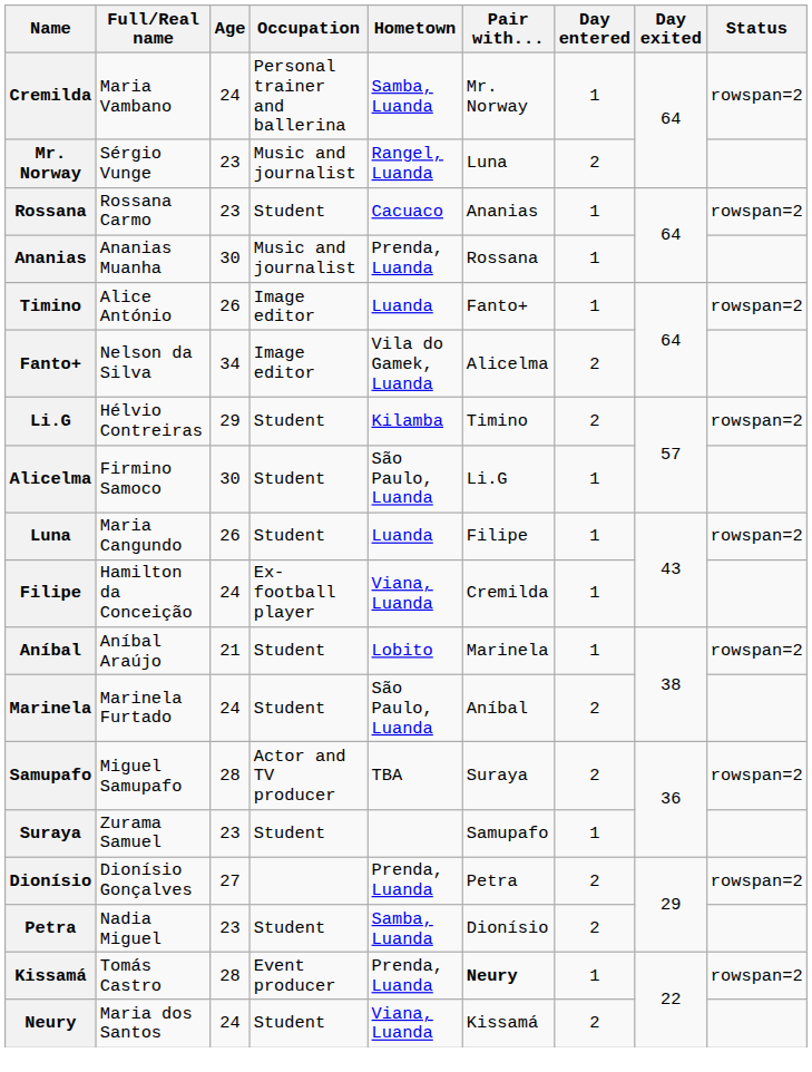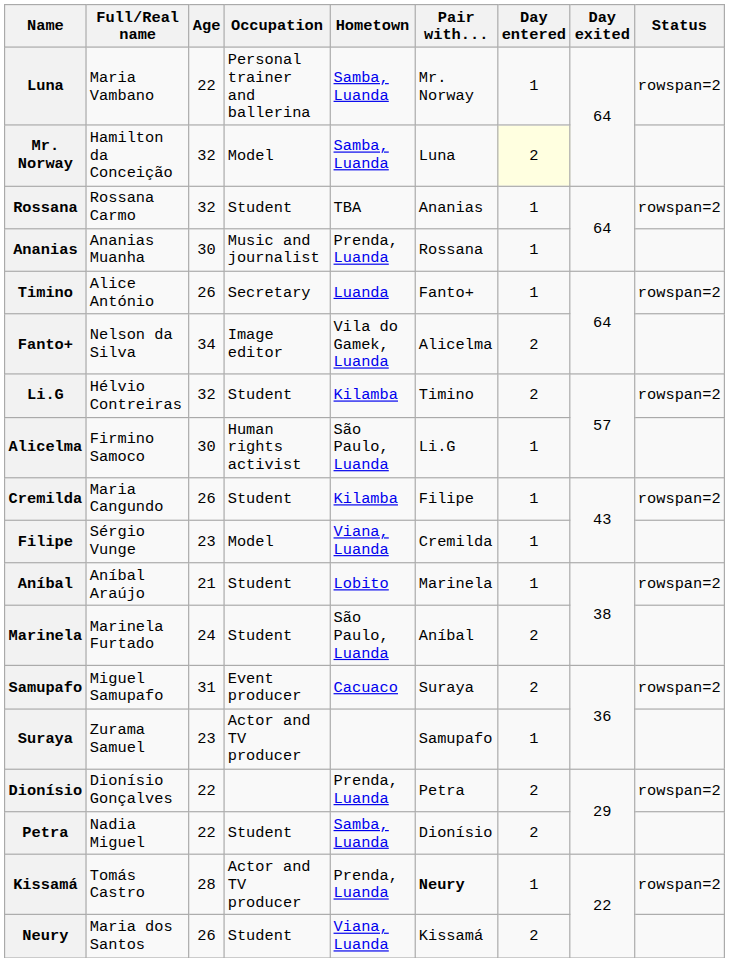 <table class="wikitable sortable">
 <tr>
 <th>Name</th>
 <th>Full/Real name</th>
 <th>Age</th>
 <th>Occupation</th>
 <th>Hometown</th>
 <th>Pair with...</th>
 <th>Day entered</th>
 <th>Day exited</th>
 <th>Status</th>
 </tr>
 <tr>
-<th>Cremilda</th>
+<th>Luna</th>
 <td>Maria Vambano</td>
-<td align=center>24</td>
+<td align=center>22</td>
 <td>Personal trainer and ballerina</td>
 <td><a href='#'>Samba, Luanda</a></td>
 <td>Mr. Norway</td>
 <td align=center>1</td>
 <td rowspan="2" align=center>64</td>
 <td>rowspan=2 </td>
 </tr>
 <tr>
 <th>Mr. Norway</th>
-<td>Sérgio Vunge</td>
-<td align=center>23</td>
-<td>Music and journalist</td>
-<td><a href='#'>Rangel, Luanda</a></td>
+<td>Hamilton da Conceição</td>
+<td align=center>32</td>
+<td>Model</td>
+<td><a href='#'>Samba, Luanda</a></td>
 <td>Luna</td>
-<td align=center>2</td>
+<td align=center style="background: lightyellow;">2</td>
 </tr>
 <tr>
 <th>Rossana</th>
 <td>Rossana Carmo</td>
-<td align=center>23</td>
+<td align=center>32</td>
 <td>Student</td>
-<td><a href='#'>Cacuaco</a></td>
+<td>TBA</td>
 <td>Ananias</td>
 <td align=center>1</td>
 <td rowspan="2" align=center>64</td>
 <td>rowspan=2 </td>
 </tr>
 <tr>
 <th>Ananias</th>
 <td>Ananias Muanha</td>
 <td align=center>30</td>
 <td>Music and journalist</td>
 <td>Prenda, <a href='#'>Luanda</a></td>
 <td>Rossana</td>
 <td align=center>1</td>
 </tr>
 <tr>
 <th>Timino</th>
 <td>Alice António</td>
 <td align=center>26</td>
-<td>Image editor</td>
+<td>Secretary</td>
 <td><a href='#'>Luanda</a></td>
 <td>Fanto+</td>
 <td align=center>1</td>
 <td rowspan="2" align=center>64</td>
 <td>rowspan=2 </td>
 </tr>
 <tr>
 <th>Fanto+</th>
 <td>Nelson da Silva</td>
 <td align=center>34</td>
 <td>Image editor</td>
 <td>Vila do Gamek, <a href='#'>Luanda</a></td>
 <td>Alicelma</td>
 <td align=center>2</td>
 </tr>
 <tr>
 <th>Li.G</th>
 <td>Hélvio Contreiras</td>
-<td align=center>29</td>
+<td align=center>32</td>
 <td>Student</td>
 <td><a href='#'>Kilamba</a></td>
 <td>Timino</td>
 <td align=center>2</td>
 <td rowspan="2" align=center>57</td>
 <td>rowspan=2 </td>
 </tr>
 <tr>
 <th>Alicelma</th>
 <td>Firmino Samoco</td>
 <td align=center>30</td>
-<td>Student</td>
+<td>Human rights activist</td>
 <td>São Paulo, <a href='#'>Luanda</a></td>
 <td>Li.G</td>
 <td align=center>1</td>
 </tr>
 <tr>
-<th>Luna</th>
+<th>Cremilda</th>
 <td>Maria Cangundo</td>
 <td align=center>26</td>
 <td>Student</td>
-<td><a href='#'>Luanda</a></td>
+<td><a href='#'>Kilamba</a></td>
 <td>Filipe</td>
 <td align=center>1</td>
 <td rowspan="2" align=center>43</td>
 <td>rowspan=2 </td>
 </tr>
 <tr>
 <th>Filipe</th>
-<td>Hamilton da Conceição</td>
-<td align=center>24</td>
-<td>Ex-football player</td>
+<td>Sérgio Vunge</td>
+<td align=center>23</td>
+<td>Model</td>
 <td><a href='#'>Viana, Luanda</a></td>
 <td>Cremilda</td>
 <td align=center>1</td>
 </tr>
 <tr>
 <th>Aníbal</th>
 <td>Aníbal Araújo</td>
 <td align=center>21</td>
 <td>Student</td>
 <td><a href='#'>Lobito</a></td>
 <td>Marinela</td>
 <td align=center>1</td>
 <td rowspan="2" align=center>38</td>
 <td>rowspan=2 </td>
 </tr>
 <tr>
 <th>Marinela</th>
 <td>Marinela Furtado</td>
 <td align=center>24</td>
 <td>Student</td>
 <td>São Paulo, <a href='#'>Luanda</a></td>
 <td>Aníbal</td>
 <td align=center>2</td>
 </tr>
 <tr>
 <th>Samupafo</th>
 <td>Miguel Samupafo</td>
-<td align=center>28</td>
-<td>Actor and TV producer</td>
-<td>TBA</td>
+<td align=center>31</td>
+<td>Event producer</td>
+<td><a href='#'>Cacuaco</a></td>
 <td>Suraya</td>
 <td align=center>2</td>
 <td rowspan="2" align=center>36</td>
 <td>rowspan=2 </td>
 </tr>
 <tr>
 <th>Suraya</th>
 <td>Zurama Samuel</td>
 <td align=center>23</td>
-<td>Student</td>
+<td>Actor and TV producer</td>
 <td></td>
 <td>Samupafo</td>
 <td align=center>1</td>
 </tr>
 <tr>
 <th>Dionísio</th>
 <td>Dionísio Gonçalves</td>
-<td align=center>27</td>
+<td align=center>22</td>
 <td></td>
 <td>Prenda, <a href='#'>Luanda</a></td>
 <td>Petra</td>
 <td align=center>2</td>
 <td rowspan="2" align=center>29</td>
 <td>rowspan=2 </td>
 </tr>
 <tr>
 <th>Petra</th>
 <td>Nadia Miguel</td>
-<td align=center>23</td>
+<td align=center>22</td>
 <td>Student</td>
 <td><a href='#'>Samba, Luanda</a></td>
 <td>Dionísio</td>
 <td align=center>2</td>
 </tr>
 <tr>
 <th>Kissamá</th>
 <td>Tomás Castro</td>
 <td align=center>28</td>
-<td>Event producer</td>
+<td>Actor and TV producer</td>
 <td>Prenda, <a href='#'>Luanda</a></td>
 <td><strong>Neury</strong></td>
 <td align=center>1</td>
 <td rowspan="2" align=center>22</td>
 <td>rowspan=2 </td>
 </tr>
 <tr>
 <th>Neury</th>
 <td>Maria dos Santos</td>
-<td align=center>24</td>
+<td align=center>26</td>
 <td>Student</td>
 <td><a href='#'>Viana, Luanda</a></td>
 <td>Kissamá</td>
 <td align=center>2</td>
 </tr>
 </table>
